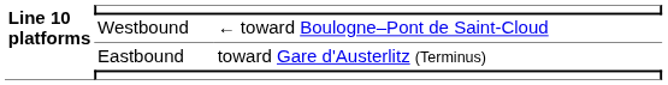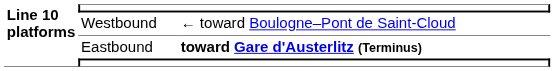 <table border=0 cellspacing=0 cellpadding=3>
 <tr>
 <td style="border-bottom:solid 1px gray;" width=50 rowspan=10 valign=top><strong>Line 10 platforms</strong></td>
 <td style="border-top:solid 1px gray;border-right:solid 2px black;border-left:solid 2px black;border-bottom:solid 2px black;text-align:center;" colspan=2></td>
 </tr>
 <tr>
 <td style="border-bottom:solid 1px gray;" width=100>Westbound</td>
 <td style="border-bottom:solid 1px gray;" width=390>←   toward <a href='#'>Boulogne–Pont de Saint-Cloud</a> </td>
 </tr>
 <tr>
 <td>Eastbound</td>
-<td>   toward <a href='#'>Gare d'Austerlitz</a> <small>(Terminus)</small> </td>
+<td><strong>   toward <a href='#'>Gare d'Austerlitz</a> <small>(Terminus)</small> </strong></td>
 </tr>
 <tr>
 <td style="border-top:solid 2px black;border-right:solid 2px black;border-left:solid 2px black;border-bottom:solid 1px gray;text-align:center;" colspan=2></td>
 </tr>
 </table>
